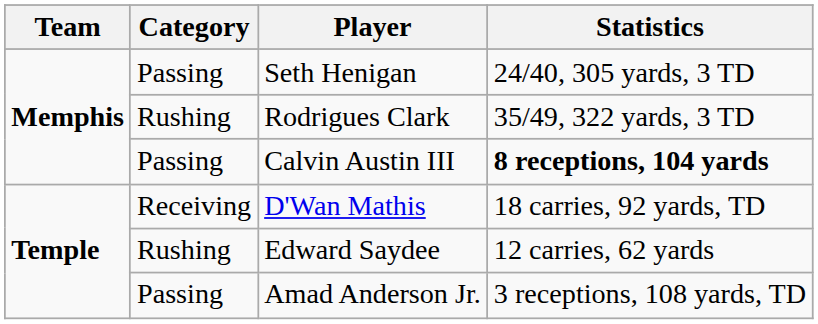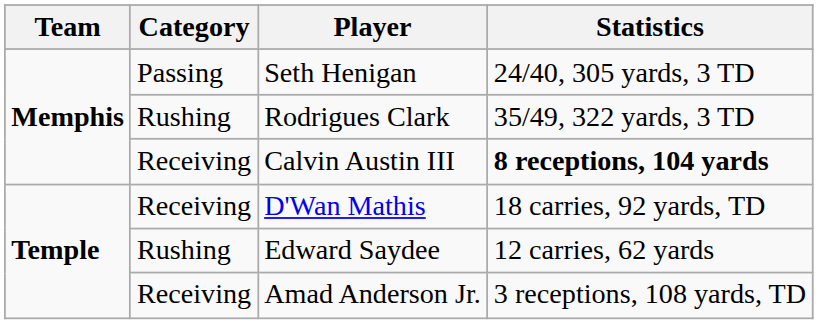 <table class="wikitable" style="float: left;">
 <tr>
 <th>Team</th>
 <th>Category</th>
 <th>Player</th>
 <th>Statistics</th>
 </tr>
 <tr>
 <td rowspan=3><strong>Memphis</strong></td>
 <td>Passing</td>
 <td>Seth Henigan</td>
 <td>24/40, 305 yards, 3 TD</td>
 </tr>
 <tr>
 <td>Rushing</td>
 <td>Rodrigues Clark</td>
 <td>35/49, 322 yards, 3 TD</td>
 </tr>
 <tr>
-<td>Passing</td>
+<td>Receiving</td>
 <td>Calvin Austin III</td>
 <td><strong>8 receptions, 104 yards</strong></td>
 </tr>
 <tr>
 <td rowspan=3><strong>Temple</strong></td>
 <td>Receiving</td>
 <td><a href='#'>D'Wan Mathis</a></td>
 <td>18 carries, 92 yards, TD</td>
 </tr>
 <tr>
 <td>Rushing</td>
 <td>Edward Saydee</td>
 <td>12 carries, 62 yards</td>
 </tr>
 <tr>
-<td>Passing</td>
+<td>Receiving</td>
 <td>Amad Anderson Jr.</td>
 <td>3 receptions, 108 yards, TD</td>
 </tr>
 </table>
